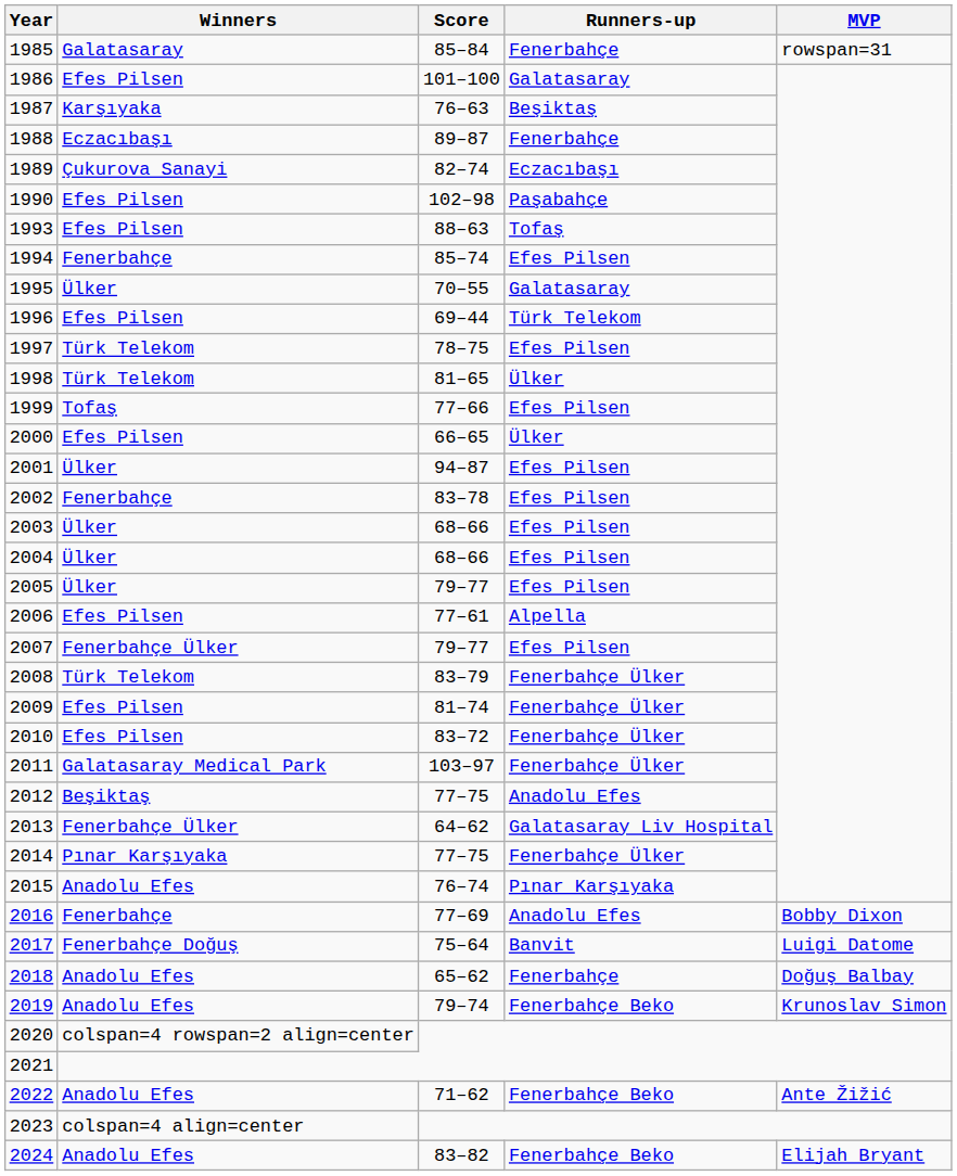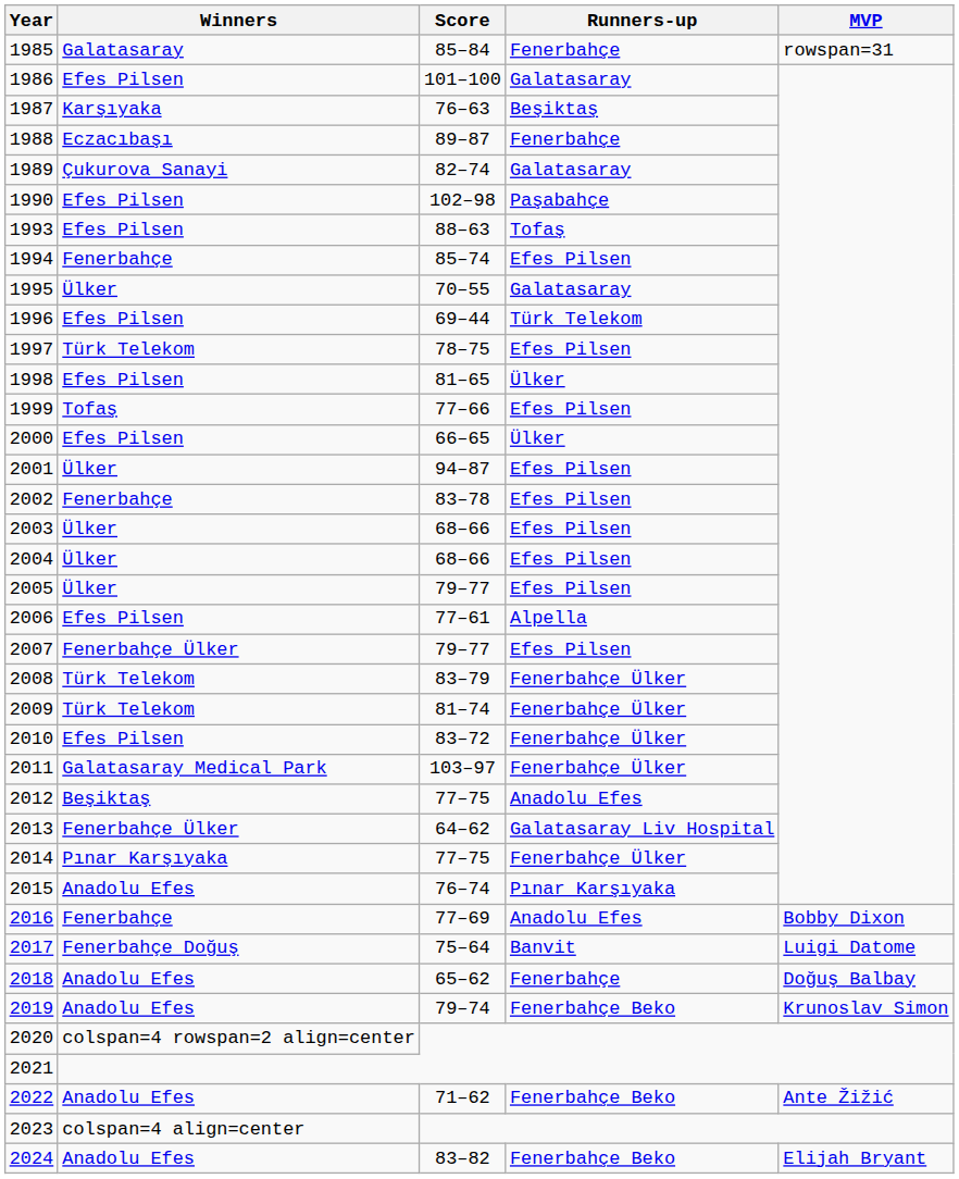 <table class="wikitable">
 <tr>
 <th>Year</th>
 <th>Winners</th>
 <th>Score</th>
 <th>Runners-up</th>
 <th><a href='#'>MVP</a></th>
 </tr>
 <tr>
 <td align=center>1985</td>
 <td><a href='#'>Galatasaray</a></td>
 <td align="center">85–84</td>
 <td><a href='#'>Fenerbahçe</a></td>
 <td>rowspan=31 </td>
 </tr>
 <tr>
 <td align=center>1986</td>
 <td><a href='#'>Efes Pilsen</a></td>
 <td align="center">101–100</td>
 <td><a href='#'>Galatasaray</a></td>
 </tr>
 <tr>
 <td align=center>1987</td>
 <td><a href='#'>Karşıyaka</a></td>
 <td align="center">76–63</td>
 <td><a href='#'>Beşiktaş</a></td>
 </tr>
 <tr>
 <td align=center>1988</td>
 <td><a href='#'>Eczacıbaşı</a></td>
 <td align="center">89–87</td>
 <td><a href='#'>Fenerbahçe</a></td>
 </tr>
 <tr>
 <td align=center>1989</td>
 <td><a href='#'>Çukurova Sanayi</a></td>
 <td align="center">82–74</td>
-<td><a href='#'>Eczacıbaşı</a></td>
+<td><a href='#'>Galatasaray</a></td>
 </tr>
 <tr>
 <td align=center>1990</td>
 <td><a href='#'>Efes Pilsen</a></td>
 <td align="center">102–98</td>
 <td><a href='#'>Paşabahçe</a></td>
 </tr>
 <tr>
 <td align=center>1993</td>
 <td><a href='#'>Efes Pilsen</a></td>
 <td align="center">88–63</td>
 <td><a href='#'>Tofaş</a></td>
 </tr>
 <tr>
 <td align=center>1994</td>
 <td><a href='#'>Fenerbahçe</a></td>
 <td align="center">85–74</td>
 <td><a href='#'>Efes Pilsen</a></td>
 </tr>
 <tr>
 <td align=center>1995</td>
 <td><a href='#'>Ülker</a></td>
 <td align="center">70–55</td>
 <td><a href='#'>Galatasaray</a></td>
 </tr>
 <tr>
 <td align=center>1996</td>
 <td><a href='#'>Efes Pilsen</a></td>
 <td align="center">69–44</td>
 <td><a href='#'>Türk Telekom</a></td>
 </tr>
 <tr>
 <td align=center>1997</td>
 <td><a href='#'>Türk Telekom</a></td>
 <td align="center">78–75</td>
 <td><a href='#'>Efes Pilsen</a></td>
 </tr>
 <tr>
 <td align=center>1998</td>
-<td><a href='#'>Türk Telekom</a></td>
+<td><a href='#'>Efes Pilsen</a></td>
 <td align="center">81–65</td>
 <td><a href='#'>Ülker</a></td>
 </tr>
 <tr>
 <td align=center>1999</td>
 <td><a href='#'>Tofaş</a></td>
 <td align="center">77–66</td>
 <td><a href='#'>Efes Pilsen</a></td>
 </tr>
 <tr>
 <td align=center>2000</td>
 <td><a href='#'>Efes Pilsen</a></td>
 <td align="center">66–65</td>
 <td><a href='#'>Ülker</a></td>
 </tr>
 <tr>
 <td align=center>2001</td>
 <td><a href='#'>Ülker</a></td>
 <td align="center">94–87</td>
 <td><a href='#'>Efes Pilsen</a></td>
 </tr>
 <tr>
 <td align=center>2002</td>
 <td><a href='#'>Fenerbahçe</a></td>
 <td align="center">83–78</td>
 <td><a href='#'>Efes Pilsen</a></td>
 </tr>
 <tr>
 <td align=center>2003</td>
 <td><a href='#'>Ülker</a></td>
 <td align="center">68–66</td>
 <td><a href='#'>Efes Pilsen</a></td>
 </tr>
 <tr>
 <td align=center>2004</td>
 <td><a href='#'>Ülker</a></td>
 <td align="center">68–66</td>
 <td><a href='#'>Efes Pilsen</a></td>
 </tr>
 <tr>
 <td align=center>2005</td>
 <td><a href='#'>Ülker</a></td>
 <td align="center">79–77</td>
 <td><a href='#'>Efes Pilsen</a></td>
 </tr>
 <tr>
 <td align=center>2006</td>
 <td><a href='#'>Efes Pilsen</a></td>
 <td align="center">77–61</td>
 <td><a href='#'>Alpella</a></td>
 </tr>
 <tr>
 <td align=center>2007</td>
 <td><a href='#'>Fenerbahçe Ülker</a></td>
 <td align="center">79–77</td>
 <td><a href='#'>Efes Pilsen</a></td>
 </tr>
 <tr>
 <td align=center>2008</td>
 <td><a href='#'>Türk Telekom</a></td>
 <td align="center">83–79</td>
 <td><a href='#'>Fenerbahçe Ülker</a></td>
 </tr>
 <tr>
 <td align=center>2009</td>
-<td><a href='#'>Efes Pilsen</a></td>
+<td><a href='#'>Türk Telekom</a></td>
 <td align="center">81–74</td>
 <td><a href='#'>Fenerbahçe Ülker</a></td>
 </tr>
 <tr>
 <td align=center>2010</td>
 <td><a href='#'>Efes Pilsen</a></td>
 <td align="center">83–72</td>
 <td><a href='#'>Fenerbahçe Ülker</a></td>
 </tr>
 <tr>
 <td align=center>2011</td>
 <td><a href='#'>Galatasaray Medical Park</a></td>
 <td align="center">103–97</td>
 <td><a href='#'>Fenerbahçe Ülker</a></td>
 </tr>
 <tr>
 <td align=center>2012</td>
 <td><a href='#'>Beşiktaş</a></td>
 <td align="center">77–75</td>
 <td><a href='#'>Anadolu Efes</a></td>
 </tr>
 <tr>
 <td align=center>2013</td>
 <td><a href='#'>Fenerbahçe Ülker</a></td>
 <td align="center">64–62</td>
 <td><a href='#'>Galatasaray Liv Hospital</a></td>
 </tr>
 <tr>
 <td align=center>2014</td>
 <td><a href='#'>Pınar Karşıyaka</a></td>
 <td align="center">77–75</td>
 <td><a href='#'>Fenerbahçe Ülker</a></td>
 </tr>
 <tr>
 <td align=center>2015</td>
 <td><a href='#'>Anadolu Efes</a></td>
 <td align="center">76–74</td>
 <td><a href='#'>Pınar Karşıyaka</a></td>
 </tr>
 <tr>
 <td align=center><a href='#'>2016</a></td>
 <td><a href='#'>Fenerbahçe</a></td>
 <td align="center">77–69</td>
 <td><a href='#'>Anadolu Efes</a></td>
 <td> <a href='#'>Bobby Dixon</a></td>
 </tr>
 <tr>
 <td align=center><a href='#'>2017</a></td>
 <td><a href='#'>Fenerbahçe Doğuş</a></td>
 <td align="center">75–64</td>
 <td><a href='#'>Banvit</a></td>
 <td> <a href='#'>Luigi Datome</a></td>
 </tr>
 <tr>
 <td align=center><a href='#'>2018</a></td>
 <td><a href='#'>Anadolu Efes</a></td>
 <td align="center">65–62</td>
 <td><a href='#'>Fenerbahçe</a></td>
 <td> <a href='#'>Doğuş Balbay</a></td>
 </tr>
 <tr>
 <td align=center><a href='#'>2019</a></td>
 <td><a href='#'>Anadolu Efes</a></td>
 <td align="center">79–74</td>
 <td><a href='#'>Fenerbahçe Beko</a></td>
 <td> <a href='#'>Krunoslav Simon</a></td>
 </tr>
 <tr>
 <td align=center>2020</td>
 <td>colspan=4 rowspan=2 align=center </td>
 </tr>
 <tr>
 <td align=center>2021</td>
 </tr>
 <tr>
 <td align=center><a href='#'>2022</a></td>
 <td><a href='#'>Anadolu Efes</a></td>
 <td align="center">71–62</td>
 <td><a href='#'>Fenerbahçe Beko</a></td>
 <td> <a href='#'>Ante Žižić</a></td>
 </tr>
 <tr>
 <td align=center>2023</td>
 <td>colspan=4 align=center </td>
 </tr>
 <tr>
 <td align=center><a href='#'>2024</a></td>
 <td><a href='#'>Anadolu Efes</a></td>
 <td align="center">83–82</td>
 <td><a href='#'>Fenerbahçe Beko</a></td>
 <td> <a href='#'>Elijah Bryant</a></td>
 </tr>
 </table>
